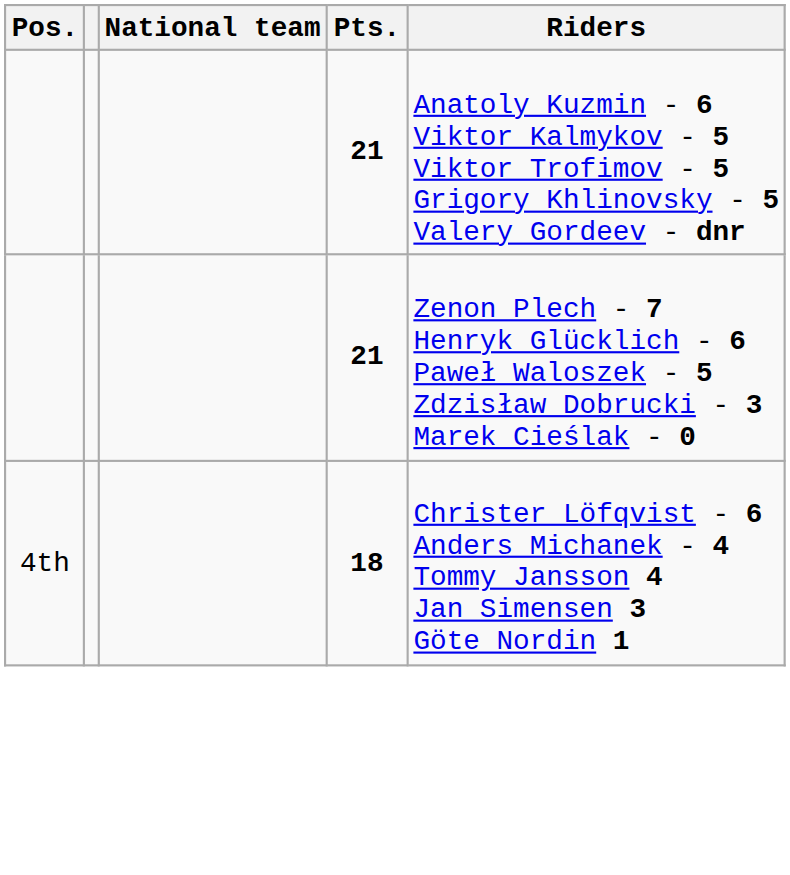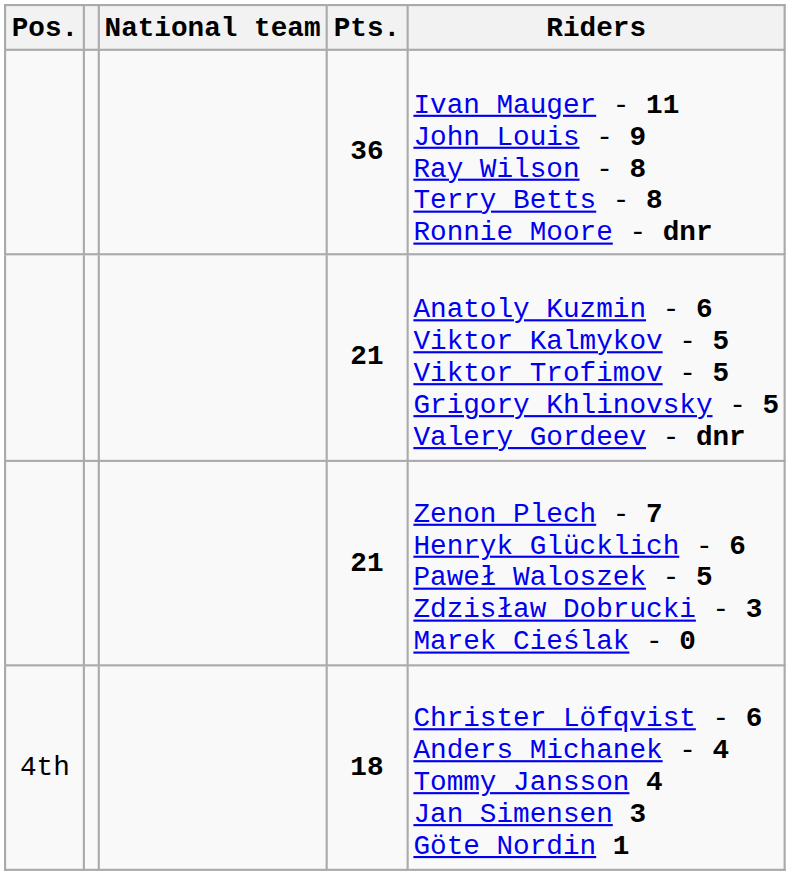 <table class=wikitable style="font-size:100%;">
 <tr>
 <th>Pos.</th>
 <th></th>
 <th>National team</th>
 <th>Pts.</th>
 <th>Riders</th>
+</tr>
+<tr align=center >
+<td></td>
+<td></td>
+<td align=left></td>
+<td><strong>36</strong></td>
+<td align=left><br><a href='#'>Ivan Mauger</a> - <strong>11</strong><br> <a href='#'>John Louis</a> - <strong>9</strong><br> <a href='#'>Ray Wilson</a> - <strong>8</strong><br> <a href='#'>Terry Betts</a> - <strong>8</strong><br> <a href='#'>Ronnie Moore</a> - <strong>dnr</strong></td>
 </tr>
 <tr align=center >
 <td></td>
 <td></td>
 <td align=left></td>
 <td><strong>21</strong></td>
 <td align=left><br><a href='#'>Anatoly Kuzmin</a> - <strong>6</strong><br> <a href='#'>Viktor Kalmykov</a> - <strong>5</strong><br> <a href='#'>Viktor Trofimov</a> - <strong>5</strong><br> <a href='#'>Grigory Khlinovsky</a> - <strong>5</strong><br> <a href='#'>Valery Gordeev</a> - <strong>dnr</strong></td>
 </tr>
 <tr align=center >
 <td></td>
 <td></td>
 <td align=left></td>
 <td><strong>21</strong></td>
 <td align=left><br><a href='#'>Zenon Plech</a> - <strong>7</strong><br> <a href='#'>Henryk Glücklich</a> - <strong>6</strong><br> <a href='#'>Paweł Waloszek</a> - <strong>5</strong><br> <a href='#'>Zdzisław Dobrucki</a> - <strong>3</strong><br> <a href='#'>Marek Cieślak</a> - <strong>0</strong></td>
 </tr>
 <tr align=center >
 <td>4th</td>
 <td></td>
 <td align=left></td>
 <td><strong>18</strong></td>
 <td align=left><br><a href='#'>Christer Löfqvist</a> - <strong>6</strong><br> <a href='#'>Anders Michanek</a> - <strong>4</strong><br> <a href='#'>Tommy Jansson</a> <strong>4</strong><br> <a href='#'>Jan Simensen</a> <strong>3</strong><br> <a href='#'>Göte Nordin</a> <strong>1</strong></td>
 </tr>
 </table>
